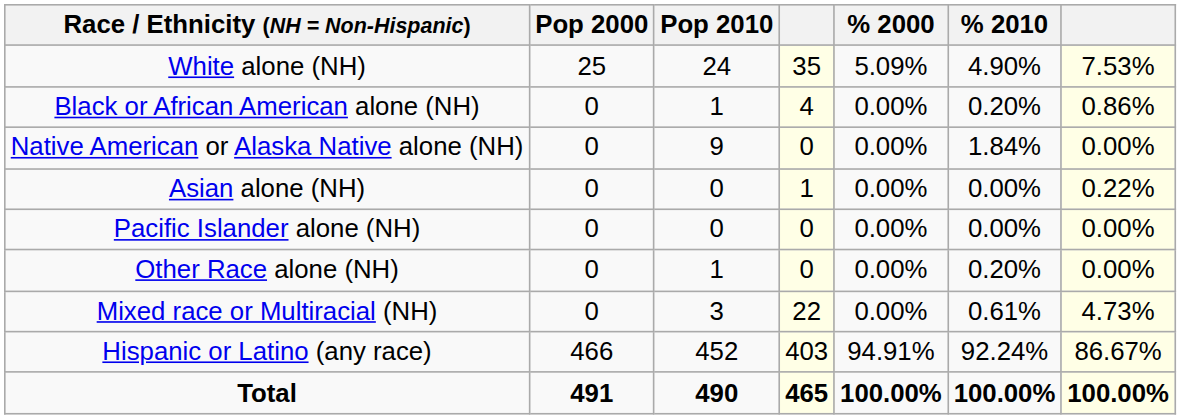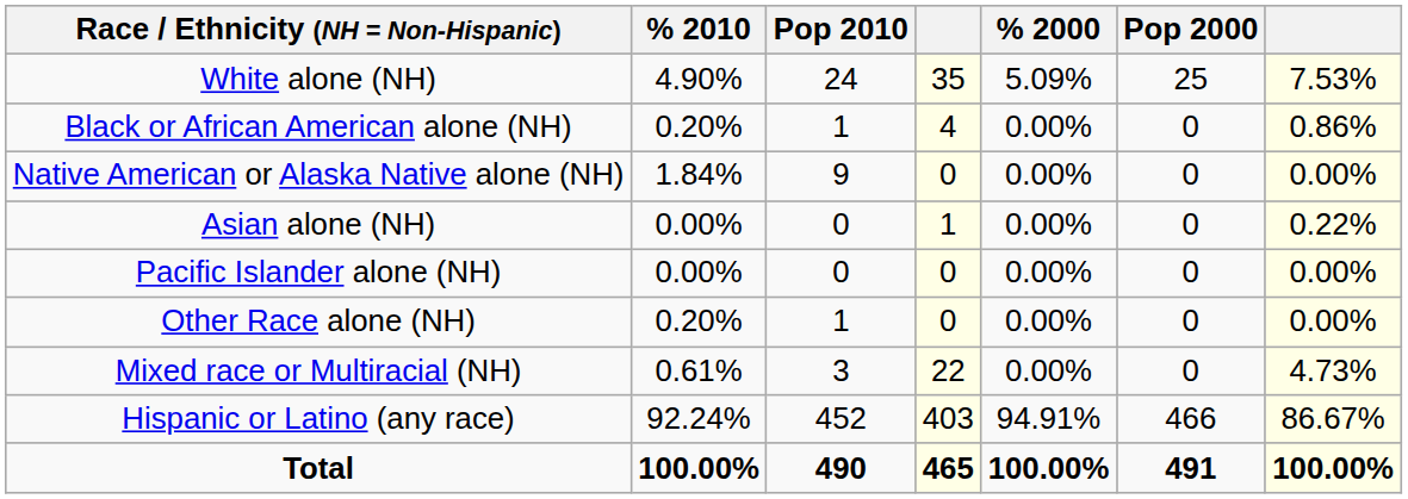 <table class="wikitable" style="text-align:center;">
 <tr>
 <th>Race / Ethnicity <small>(<em>NH = Non-Hispanic</em>)</small></th>
-<th>Pop 2000</th>
+<th>% 2010</th>
 <th>Pop 2010</th>
 <th></th>
 <th>% 2000</th>
-<th>% 2010</th>
+<th>Pop 2000</th>
 <th></th>
 </tr>
 <tr>
 <td><a href='#'>White</a> alone (NH)</td>
-<td>25</td>
+<td>4.90%</td>
 <td>24</td>
 <td style='background: #ffffe6;'>35</td>
 <td>5.09%</td>
-<td>4.90%</td>
+<td>25</td>
 <td style='background: #ffffe6;'>7.53%</td>
 </tr>
 <tr>
 <td><a href='#'>Black or African American</a> alone (NH)</td>
-<td>0</td>
+<td>0.20%</td>
 <td>1</td>
 <td style='background: #ffffe6;'>4</td>
 <td>0.00%</td>
-<td>0.20%</td>
+<td>0</td>
 <td style='background: #ffffe6;'>0.86%</td>
 </tr>
 <tr>
 <td><a href='#'>Native American</a> or <a href='#'>Alaska Native</a> alone (NH)</td>
-<td>0</td>
+<td>1.84%</td>
 <td>9</td>
 <td style='background: #ffffe6;'>0</td>
 <td>0.00%</td>
-<td>1.84%</td>
+<td>0</td>
 <td style='background: #ffffe6;'>0.00%</td>
 </tr>
 <tr>
 <td><a href='#'>Asian</a> alone (NH)</td>
-<td>0</td>
+<td>0.00%</td>
 <td>0</td>
 <td style='background: #ffffe6;'>1</td>
 <td>0.00%</td>
-<td>0.00%</td>
+<td>0</td>
 <td style='background: #ffffe6;'>0.22%</td>
 </tr>
 <tr>
 <td><a href='#'>Pacific Islander</a> alone (NH)</td>
-<td>0</td>
+<td>0.00%</td>
 <td>0</td>
 <td style='background: #ffffe6;'>0</td>
 <td>0.00%</td>
-<td>0.00%</td>
+<td>0</td>
 <td style='background: #ffffe6;'>0.00%</td>
 </tr>
 <tr>
 <td><a href='#'>Other Race</a> alone (NH)</td>
-<td>0</td>
+<td>0.20%</td>
 <td>1</td>
 <td style='background: #ffffe6;'>0</td>
 <td>0.00%</td>
-<td>0.20%</td>
+<td>0</td>
 <td style='background: #ffffe6;'>0.00%</td>
 </tr>
 <tr>
 <td><a href='#'>Mixed race or Multiracial</a> (NH)</td>
-<td>0</td>
+<td>0.61%</td>
 <td>3</td>
 <td style='background: #ffffe6;'>22</td>
 <td>0.00%</td>
-<td>0.61%</td>
+<td>0</td>
 <td style='background: #ffffe6;'>4.73%</td>
 </tr>
 <tr>
 <td><a href='#'>Hispanic or Latino</a> (any race)</td>
-<td>466</td>
+<td>92.24%</td>
 <td>452</td>
 <td style='background: #ffffe6;'>403</td>
 <td>94.91%</td>
-<td>92.24%</td>
+<td>466</td>
 <td style='background: #ffffe6;'>86.67%</td>
 </tr>
 <tr>
 <td><strong>Total</strong></td>
-<td><strong>491</strong></td>
+<td><strong>100.00%</strong></td>
 <td><strong>490</strong></td>
 <td style='background: #ffffe6;'><strong>465</strong></td>
 <td><strong>100.00%</strong></td>
-<td><strong>100.00%</strong></td>
+<td><strong>491</strong></td>
 <td style='background: #ffffe6;'><strong>100.00%</strong></td>
 </tr>
 </table>
